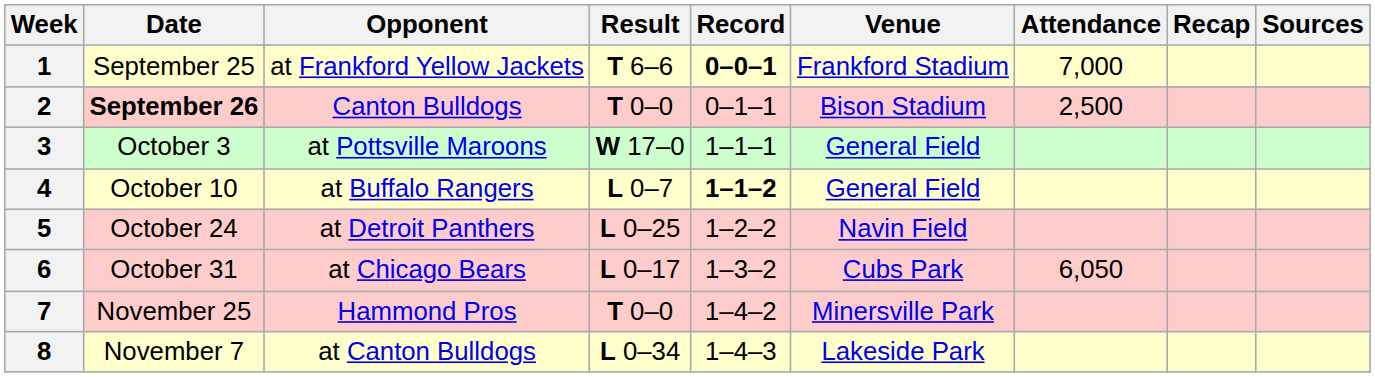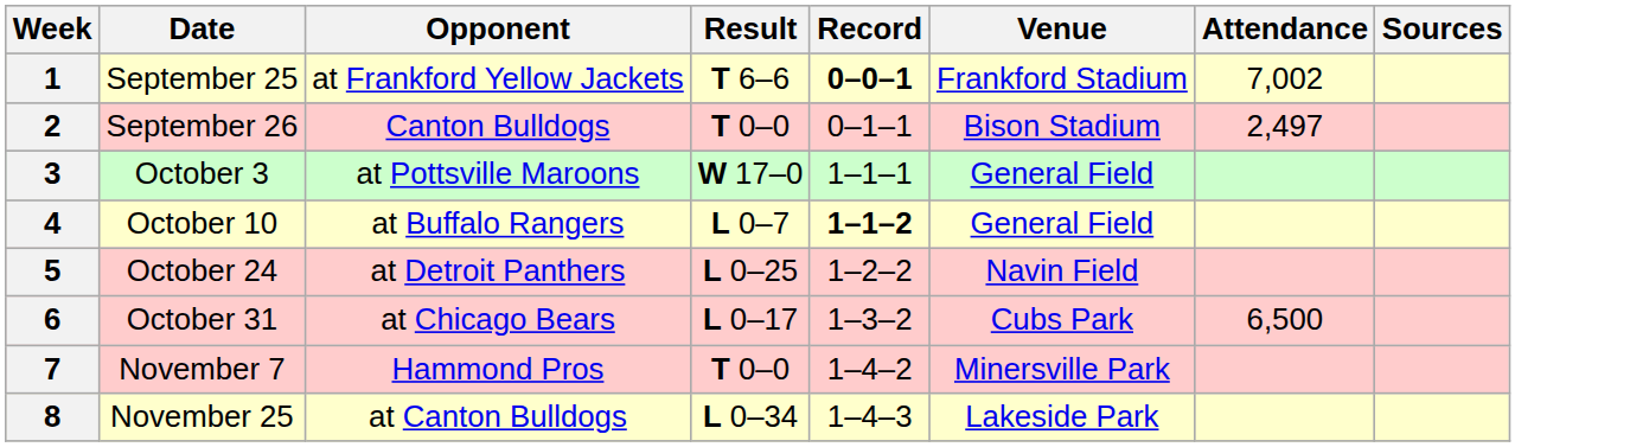 <table class="wikitable" style="text-align:center">
 <tr>
 <th>Week</th>
 <th>Date</th>
 <th>Opponent</th>
 <th>Result</th>
 <th>Record</th>
 <th>Venue</th>
 <th>Attendance</th>
-<th>Recap</th>
 <th>Sources</th>
 </tr>
 <tr style="background:#ffc">
 <th>1</th>
 <td>September 25</td>
 <td>at <a href='#'>Frankford Yellow Jackets</a></td>
 <td><strong>T</strong> 6–6</td>
 <td><strong>0–0–1</strong></td>
 <td><a href='#'>Frankford Stadium</a></td>
-<td>7,000 </td>
-<td></td>
+<td>7,002 </td>
 <td></td>
 </tr>
 <tr style="background:#fcc">
 <th>2</th>
-<td><strong>September 26</strong></td>
+<td>September 26</td>
 <td><a href='#'>Canton Bulldogs</a></td>
 <td><strong>T</strong> 0–0</td>
 <td>0–1–1</td>
 <td><a href='#'>Bison Stadium</a></td>
-<td>2,500</td>
-<td></td>
+<td>2,497</td>
 <td></td>
 </tr>
 <tr style="background:#cfc">
 <th>3</th>
 <td>October 3</td>
 <td>at <a href='#'>Pottsville Maroons</a></td>
 <td><strong>W</strong> 17–0</td>
 <td>1–1–1</td>
 <td><a href='#'>General Field</a></td>
-<td></td>
 <td></td>
 <td></td>
 </tr>
 <tr style="background:#ffc">
 <th>4</th>
 <td>October 10</td>
 <td>at <a href='#'>Buffalo Rangers</a></td>
 <td><strong>L</strong> 0–7</td>
 <td><strong>1–1–2</strong></td>
 <td><a href='#'>General Field</a></td>
 <td></td>
 <td></td>
-<td></td>
 </tr>
 <tr style="background:#fcc">
 <th>5</th>
 <td>October 24</td>
 <td>at <a href='#'>Detroit Panthers</a></td>
 <td><strong>L</strong> 0–25</td>
 <td>1–2–2</td>
 <td><a href='#'>Navin Field</a></td>
 <td></td>
 <td></td>
-<td></td>
 </tr>
 <tr style="background:#fcc">
 <th>6</th>
 <td>October 31</td>
 <td>at <a href='#'>Chicago Bears</a></td>
 <td><strong>L</strong> 0–17</td>
 <td>1–3–2</td>
 <td><a href='#'>Cubs Park</a></td>
-<td>6,050</td>
-<td></td>
+<td>6,500</td>
 <td></td>
 </tr>
 <tr style="background:#fcc">
 <th>7</th>
-<td>November 25</td>
+<td>November 7</td>
 <td><a href='#'>Hammond Pros</a></td>
 <td><strong>T</strong> 0–0</td>
 <td>1–4–2</td>
 <td><a href='#'>Minersville Park</a></td>
 <td></td>
 <td></td>
-<td></td>
 </tr>
 <tr style="background:#ffc">
 <th>8</th>
-<td>November 7</td>
+<td>November 25</td>
 <td>at <a href='#'>Canton Bulldogs</a></td>
 <td><strong>L</strong> 0–34</td>
 <td>1–4–3</td>
 <td><a href='#'>Lakeside Park</a></td>
 <td></td>
 <td></td>
-<td></td>
 </tr>
 </table>
